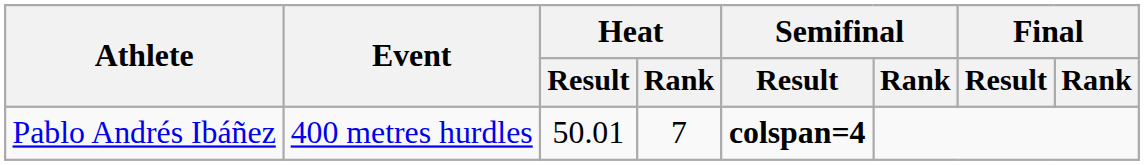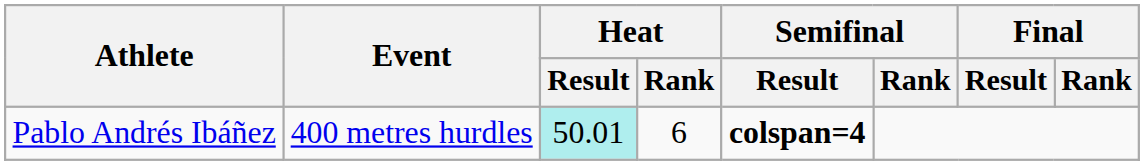 <table class="wikitable" style="font-size:90%">
 <tr>
 <th rowspan="2">Athlete</th>
 <th rowspan="2">Event</th>
 <th colspan="2">Heat</th>
 <th colspan="2">Semifinal</th>
 <th colspan="2">Final</th>
 </tr>
 <tr style="font-size:95%">
 <th>Result</th>
 <th>Rank</th>
 <th>Result</th>
 <th>Rank</th>
 <th>Result</th>
 <th>Rank</th>
 </tr>
 <tr align=center>
 <td align=left><a href='#'>Pablo Andrés Ibáñez</a></td>
 <td align=left><a href='#'>400 metres hurdles</a></td>
-<td>50.01</td>
-<td>7</td>
+<td style="background: paleturquoise;">50.01</td>
+<td>6</td>
 <td><strong>colspan=4 </strong></td>
 </tr>
 </table>
